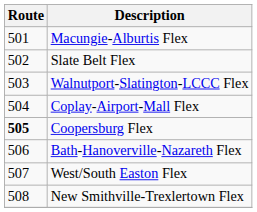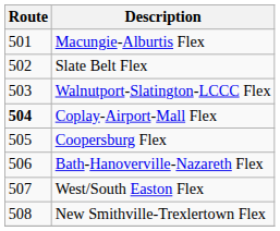 <table class=wikitable>
 <tr>
 <th>Route</th>
 <th>Description</th>
 </tr>
 <tr>
 <td valign=top><div>501</div></td>
 <td><a href='#'>Macungie</a>-<a href='#'>Alburtis</a> Flex</td>
 </tr>
 <tr>
 <td valign=top><div>502</div></td>
 <td>Slate Belt Flex</td>
 </tr>
 <tr>
 <td valign=top><div>503</div></td>
 <td><a href='#'>Walnutport</a>-<a href='#'>Slatington</a>-<a href='#'>LCCC</a> Flex</td>
 </tr>
 <tr>
-<td valign=top><div>504</div></td>
+<td valign=top><strong><div>504</div></strong></td>
 <td><a href='#'>Coplay</a>-<a href='#'>Airport</a>-<a href='#'>Mall</a> Flex</td>
 </tr>
 <tr>
-<td valign=top><strong><div>505</div></strong></td>
+<td valign=top><div>505</div></td>
 <td><a href='#'>Coopersburg</a> Flex</td>
 </tr>
 <tr>
 <td valign=top><div>506</div></td>
 <td><a href='#'>Bath</a>-<a href='#'>Hanoverville</a>-<a href='#'>Nazareth</a> Flex</td>
 </tr>
 <tr>
 <td valign=top><div>507</div></td>
 <td>West/South <a href='#'>Easton</a> Flex</td>
 </tr>
 <tr>
 <td>508</td>
 <td>New Smithville-Trexlertown Flex</td>
 </tr>
 <tr>
 </tr>
 </table>
